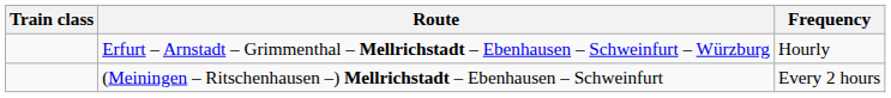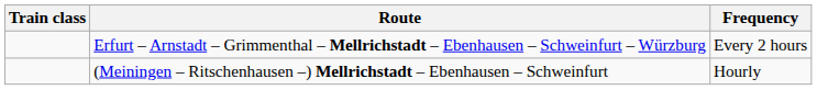 <table class="wikitable">
 <tr>
 <th>Train class</th>
 <th>Route</th>
 <th>Frequency</th>
 </tr>
 <tr>
 <td align="center"></td>
 <td><a href='#'>Erfurt</a> – <a href='#'>Arnstadt</a> – Grimmenthal – <strong>Mellrichstadt</strong> – <a href='#'>Ebenhausen</a> – <a href='#'>Schweinfurt</a> – <a href='#'>Würzburg</a></td>
-<td>Hourly</td>
+<td>Every 2 hours</td>
 </tr>
 <tr>
 <td align="center"></td>
 <td>(<a href='#'>Meiningen</a> – Ritschenhausen –) <strong>Mellrichstadt</strong> – Ebenhausen – Schweinfurt</td>
-<td>Every 2 hours</td>
+<td>Hourly</td>
 </tr>
 </table>
